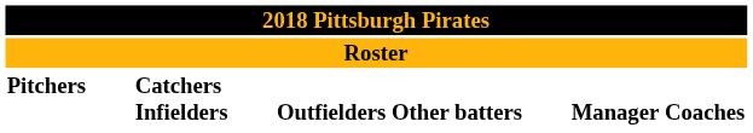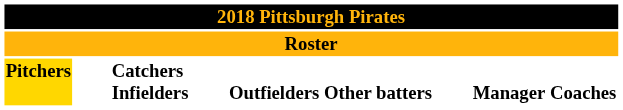 <table class="toccolours" style="font-size: 95%;">
 <tr>
 <th colspan="10" style="background:#000000; color:#FFB40B; text-align:center;">2018 Pittsburgh Pirates</th>
 </tr>
 <tr>
 <td colspan="10" style="background:#FFB40B; color:#000000; text-align:center;"><strong>Roster</strong></td>
 </tr>
 <tr>
-<td valign="top"><strong>Pitchers</strong><br>                       </td>
+<td valign="top" style="background: gold;"><strong>Pitchers</strong><br>                       </td>
 <td style="width:25px;"></td>
 <td valign="top"><strong>Catchers</strong><br>   <strong>Infielders</strong>             </td>
 <td style="width:25px;"></td>
 <td valign="top"><br><strong>Outfielders</strong>        <strong>Other batters</strong> </td>
 <td style="width:25px;"></td>
 <td valign="top"><br><strong>Manager</strong>  <strong>Coaches</strong>                      </td>
 </tr>
 </table>
